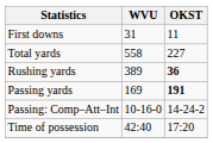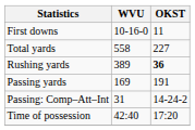 <table class="wikitable" style="float: left;">
 <tr>
 <th>Statistics</th>
 <th>WVU</th>
 <th>OKST</th>
 </tr>
 <tr>
 <td>First downs</td>
-<td>31</td>
+<td>10-16-0</td>
 <td>11</td>
 </tr>
 <tr>
 <td>Total yards</td>
 <td>558</td>
 <td>227</td>
 </tr>
 <tr>
 <td>Rushing yards</td>
 <td>389</td>
 <td><strong>36</strong></td>
 </tr>
 <tr>
 <td>Passing yards</td>
 <td>169</td>
-<td><strong>191</strong></td>
+<td>191</td>
 </tr>
 <tr>
 <td>Passing: Comp–Att–Int</td>
-<td>10-16-0</td>
+<td>31</td>
 <td>14-24-2</td>
 </tr>
 <tr>
 <td>Time of possession</td>
 <td>42:40</td>
 <td>17:20</td>
 </tr>
 <tr>
 </tr>
 </table>
